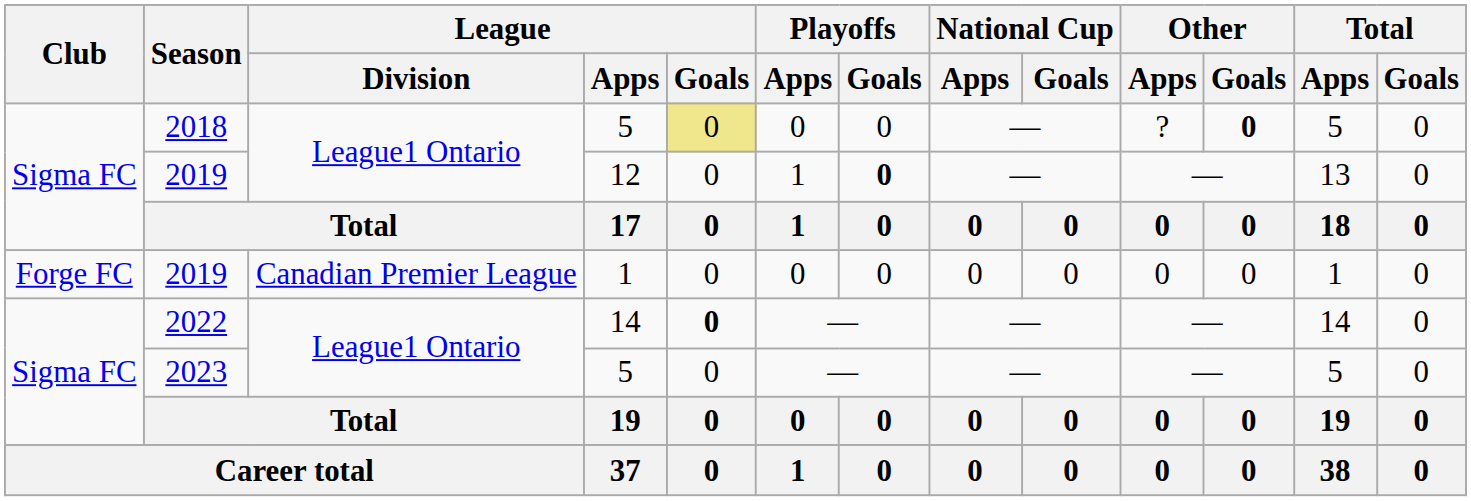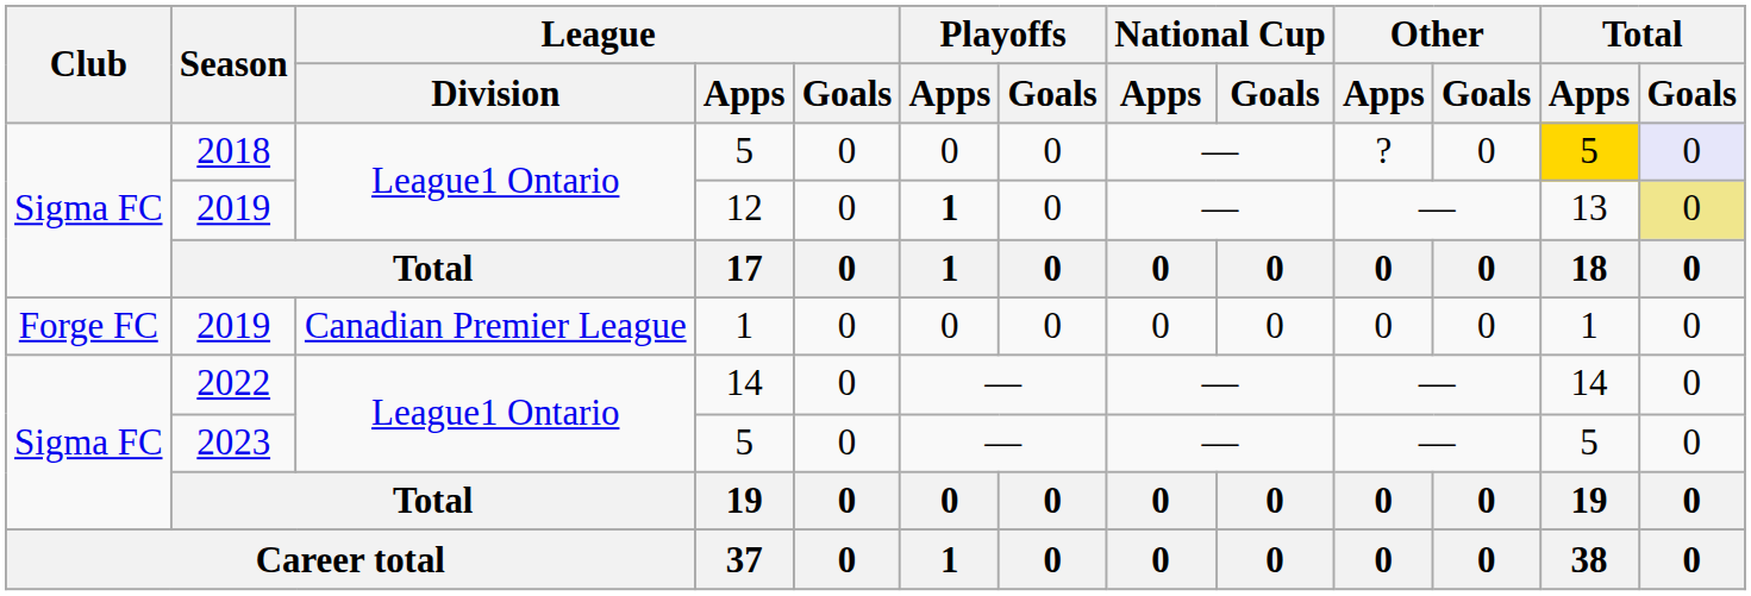 <table class="wikitable" style="text-align: center">
 <tr>
 <th rowspan="2">Club</th>
 <th rowspan="2">Season</th>
 <th colspan="3">League</th>
 <th colspan="2">Playoffs</th>
 <th colspan="2">National Cup</th>
 <th colspan="2">Other</th>
 <th colspan="2">Total</th>
 </tr>
 <tr>
 <th>Division</th>
 <th>Apps</th>
 <th>Goals</th>
 <th>Apps</th>
 <th>Goals</th>
 <th>Apps</th>
 <th>Goals</th>
 <th>Apps</th>
 <th>Goals</th>
 <th>Apps</th>
 <th>Goals</th>
 </tr>
 <tr>
 <td rowspan="3"><a href='#'>Sigma FC</a></td>
 <td><a href='#'>2018</a></td>
 <td rowspan=2><a href='#'>League1 Ontario</a></td>
 <td>5</td>
-<td style="background: khaki;">0</td>
+<td>0</td>
 <td>0</td>
 <td>0</td>
 <td colspan="2">—</td>
 <td>?</td>
-<td><strong>0</strong></td>
-<td>5</td>
 <td>0</td>
+<td style="background: gold;">5</td>
+<td style="background: lavender;">0</td>
 </tr>
 <tr>
 <td><a href='#'>2019</a></td>
 <td>12</td>
 <td>0</td>
-<td>1</td>
-<td><strong>0</strong></td>
+<td><strong>1</strong></td>
+<td>0</td>
 <td colspan="2">—</td>
 <td colspan="2">—</td>
 <td>13</td>
-<td>0</td>
+<td style="background: khaki;">0</td>
 </tr>
 <tr>
 <th colspan="2">Total</th>
 <th>17</th>
 <th>0</th>
 <th>1</th>
 <th>0</th>
 <th>0</th>
 <th>0</th>
 <th>0</th>
 <th>0</th>
 <th>18</th>
 <th>0</th>
 </tr>
 <tr>
 <td><a href='#'>Forge FC</a></td>
 <td><a href='#'>2019</a></td>
 <td><a href='#'>Canadian Premier League</a></td>
 <td>1</td>
 <td>0</td>
 <td>0</td>
 <td>0</td>
 <td>0</td>
 <td>0</td>
 <td>0</td>
 <td>0</td>
 <td>1</td>
 <td>0</td>
 </tr>
 <tr>
 <td rowspan="3"><a href='#'>Sigma FC</a></td>
 <td><a href='#'>2022</a></td>
 <td rowspan=2><a href='#'>League1 Ontario</a></td>
 <td>14</td>
-<td><strong>0</strong></td>
+<td>0</td>
 <td colspan="2">—</td>
 <td colspan="2">—</td>
 <td colspan="2">—</td>
 <td>14</td>
 <td>0</td>
 </tr>
 <tr>
 <td><a href='#'>2023</a></td>
 <td>5</td>
 <td>0</td>
 <td colspan="2">—</td>
 <td colspan="2">—</td>
 <td colspan="2">—</td>
 <td>5</td>
 <td>0</td>
 </tr>
 <tr>
 <th colspan="2">Total</th>
 <th>19</th>
 <th>0</th>
 <th>0</th>
 <th>0</th>
 <th>0</th>
 <th>0</th>
 <th>0</th>
 <th>0</th>
 <th>19</th>
 <th>0</th>
 </tr>
 <tr>
 <th colspan="3">Career total</th>
 <th>37</th>
 <th>0</th>
 <th>1</th>
 <th>0</th>
 <th>0</th>
 <th>0</th>
 <th>0</th>
 <th>0</th>
 <th>38</th>
 <th>0</th>
 </tr>
 </table>
